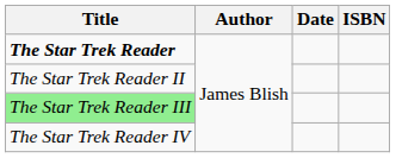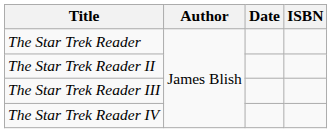 <table class="wikitable">
 <tr>
 <th>Title</th>
 <th>Author</th>
 <th>Date</th>
 <th>ISBN</th>
 </tr>
 <tr>
-<td><strong><em>The Star Trek Reader</em></strong></td>
+<td><em>The Star Trek Reader</em></td>
 <td rowspan="4">James Blish</td>
 <td></td>
 <td></td>
 </tr>
 <tr>
 <td><em>The Star Trek Reader II</em></td>
 <td></td>
 <td></td>
 </tr>
 <tr>
-<td style="background: lightgreen;"><em>The Star Trek Reader III</em></td>
+<td><em>The Star Trek Reader III</em></td>
 <td></td>
 <td></td>
 </tr>
 <tr>
 <td><em>The Star Trek Reader IV</em></td>
 <td></td>
 <td></td>
 </tr>
 </table>
